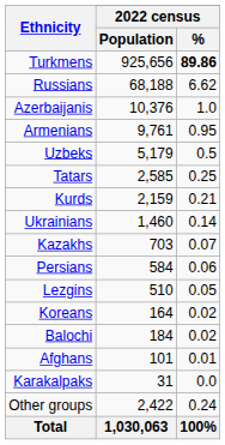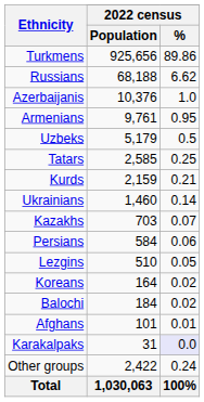 <table class="wikitable sortable" style="text-align:right">
 <tr>
 <th rowspan="3"><a href='#'>Ethnicity</a></th>
 </tr>
 <tr>
 <th colspan="2">2022 census</th>
 </tr>
 <tr align="center">
 <th style="width:60px">Population</th>
 <th>%</th>
 </tr>
 <tr>
 <td><a href='#'>Turkmens</a></td>
 <td>925,656</td>
-<td><strong>89.86</strong></td>
+<td>89.86</td>
 </tr>
 <tr>
 <td><a href='#'>Russians</a></td>
 <td>68,188</td>
 <td>6.62</td>
 </tr>
 <tr>
 <td><a href='#'>Azerbaijanis</a></td>
 <td>10,376</td>
 <td>1.0</td>
 </tr>
 <tr>
 <td><a href='#'>Armenians</a></td>
 <td>9,761</td>
 <td>0.95</td>
 </tr>
 <tr>
 <td><a href='#'>Uzbeks</a></td>
 <td>5,179</td>
 <td>0.5</td>
 </tr>
 <tr>
 <td><a href='#'>Tatars</a></td>
 <td>2,585</td>
 <td>0.25</td>
 </tr>
 <tr>
 <td><a href='#'>Kurds</a></td>
 <td>2,159</td>
 <td>0.21</td>
 </tr>
 <tr>
 <td><a href='#'>Ukrainians</a></td>
 <td>1,460</td>
 <td>0.14</td>
 </tr>
 <tr>
 <td><a href='#'>Kazakhs</a></td>
 <td>703</td>
 <td>0.07</td>
 </tr>
 <tr>
 <td><a href='#'>Persians</a></td>
 <td>584</td>
 <td>0.06</td>
 </tr>
 <tr>
 <td><a href='#'>Lezgins</a></td>
 <td>510</td>
 <td>0.05</td>
 </tr>
 <tr>
 <td><a href='#'>Koreans</a></td>
 <td>164</td>
 <td>0.02</td>
 </tr>
 <tr>
 <td><a href='#'>Balochi</a></td>
 <td>184</td>
 <td>0.02</td>
 </tr>
 <tr>
 <td><a href='#'>Afghans</a></td>
 <td>101</td>
 <td>0.01</td>
 </tr>
 <tr>
 <td><a href='#'>Karakalpaks</a></td>
 <td>31</td>
-<td>0.0</td>
+<td style="background: lavender;">0.0</td>
 </tr>
 <tr>
 <td>Other groups</td>
 <td>2,422</td>
 <td>0.24</td>
 </tr>
 <tr class="sortbottom">
 <th>Total</th>
 <th>1,030,063</th>
 <th>100%</th>
 </tr>
 </table>
